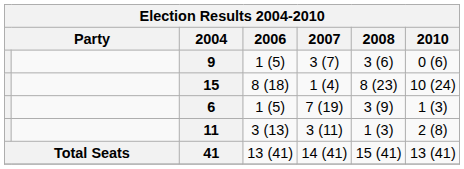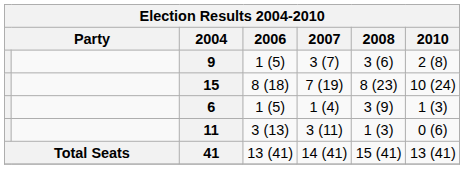 <table class="wikitable" style="font-size: 95%;">
 <tr style="background-color:#E9E9E9">
 <th colspan="10">Election Results 2004-2010</th>
 </tr>
 <tr style="background-color:#E9E9E9">
 <th colspan="2">Party</th>
 <th align="center">2004</th>
 <th style="width: 50px">2006</th>
 <th style="width: 50px">2007</th>
 <th style="width: 50px">2008</th>
 <th style="width: 50px">2010</th>
 </tr>
 <tr>
 <th style="background-color: "></th>
 <td style="width: 170px"><a href='#'></a></td>
 <th align="center">9</th>
 <td align="center">1 (5)</td>
 <td align="center">3 (7)</td>
 <td align="center">3 (6)</td>
-<td align="center">0 (6)</td>
+<td align="center">2 (8)</td>
 </tr>
 <tr>
 <th style="background-color: "></th>
 <td style="width: 170px"><a href='#'></a></td>
 <th align="center">15</th>
 <td align="center">8 (18)</td>
-<td align="center">1 (4)</td>
+<td align="center">7 (19)</td>
 <td align="center">8 (23)</td>
 <td align="center">10 (24)</td>
 </tr>
 <tr>
 <th style="background-color: "></th>
 <td style="width: 170px"><a href='#'></a></td>
 <th align="center">6</th>
 <td align="center">1 (5)</td>
-<td align="center">7 (19)</td>
+<td align="center">1 (4)</td>
 <td align="center">3 (9)</td>
 <td align="center">1 (3)</td>
 </tr>
 <tr>
 <th style="background-color: "></th>
 <td style="width: 170px"></td>
 <th align="center">11</th>
 <td align="center">3 (13)</td>
 <td align="center">3 (11)</td>
 <td align="center">1 (3)</td>
-<td align="center">2 (8)</td>
+<td align="center">0 (6)</td>
 </tr>
 <tr>
 <th colspan="2">Total Seats</th>
 <th style="width: 60px">41</th>
 <td align="center">13 (41)</td>
 <td align="center">14 (41)</td>
 <td align="center">15 (41)</td>
 <td align="center">13 (41)</td>
 </tr>
 <tr>
 </tr>
 </table>
